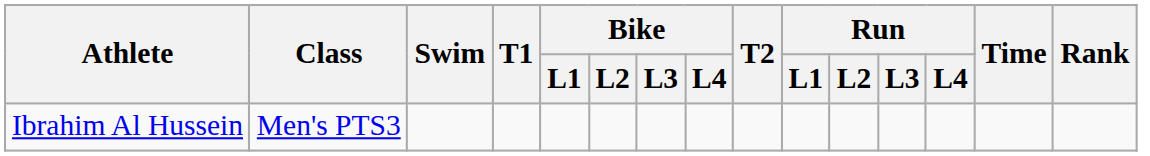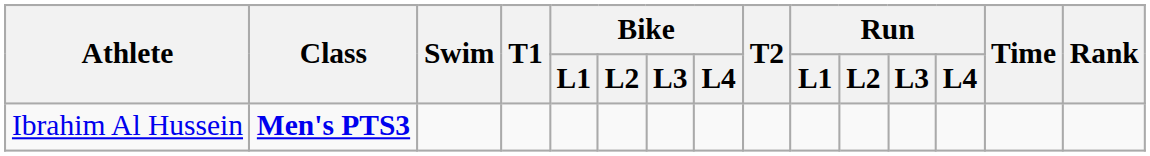 <table class="wikitable" style="font-size:90%">
 <tr>
 <th rowspan="2">Athlete</th>
 <th rowspan="2">Class</th>
 <th rowspan="2">Swim</th>
 <th rowspan="2">T1</th>
 <th colspan="4">Bike</th>
 <th rowspan="2">T2</th>
 <th colspan="4">Run</th>
 <th rowspan="2">Time</th>
 <th rowspan="2">Rank</th>
 </tr>
 <tr>
 <th>L1</th>
 <th>L2</th>
 <th>L3</th>
 <th>L4</th>
 <th>L1</th>
 <th>L2</th>
 <th>L3</th>
 <th>L4</th>
 </tr>
 <tr align=center>
 <td align=left><a href='#'>Ibrahim Al Hussein</a></td>
-<td align=left><a href='#'>Men's PTS3</a></td>
+<td align=left><strong><a href='#'>Men's PTS3</a></strong></td>
 <td></td>
 <td></td>
 <td></td>
 <td></td>
 <td></td>
 <td></td>
 <td></td>
 <td></td>
 <td></td>
 <td></td>
 <td></td>
 <td></td>
 <td></td>
 </tr>
 </table>
